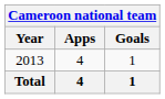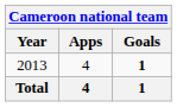 <table class="wikitable" style="text-align:center">
 <tr>
 <th colspan=3><a href='#'>Cameroon national team</a></th>
 </tr>
 <tr>
 <th>Year</th>
 <th>Apps</th>
 <th>Goals</th>
 </tr>
 <tr>
 <td>2013</td>
 <td>4</td>
-<td>1</td>
+<td><strong>1</strong></td>
 </tr>
 <tr>
 <th>Total</th>
 <th>4</th>
 <th>1</th>
 </tr>
 </table>
